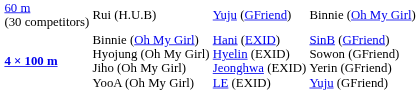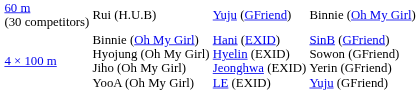 <table>
 <tr>
 <td><a href='#'>60 m</a><br>(30 competitors)</td>
 <td>Rui (H.U.B)</td>
 <td><a href='#'>Yuju</a> (<a href='#'>GFriend</a>)</td>
 <td>Binnie (<a href='#'>Oh My Girl</a>)</td>
 </tr>
 <tr>
-<td><strong><a href='#'>4 × 100 m</a></strong></td>
+<td><a href='#'>4 × 100 m</a></td>
 <td>Binnie (<a href='#'>Oh My Girl</a>)<br>Hyojung (Oh My Girl)<br>Jiho (Oh My Girl)<br>YooA (Oh My Girl)</td>
 <td><a href='#'>Hani</a> (<a href='#'>EXID</a>)<br><a href='#'>Hyelin</a> (EXID)<br><a href='#'>Jeonghwa</a> (EXID)<br><a href='#'>LE</a> (EXID)</td>
 <td><a href='#'>SinB</a> (<a href='#'>GFriend</a>)<br>Sowon (GFriend)<br>Yerin (GFriend)<br><a href='#'>Yuju</a> (GFriend)</td>
 </tr>
 </table>
